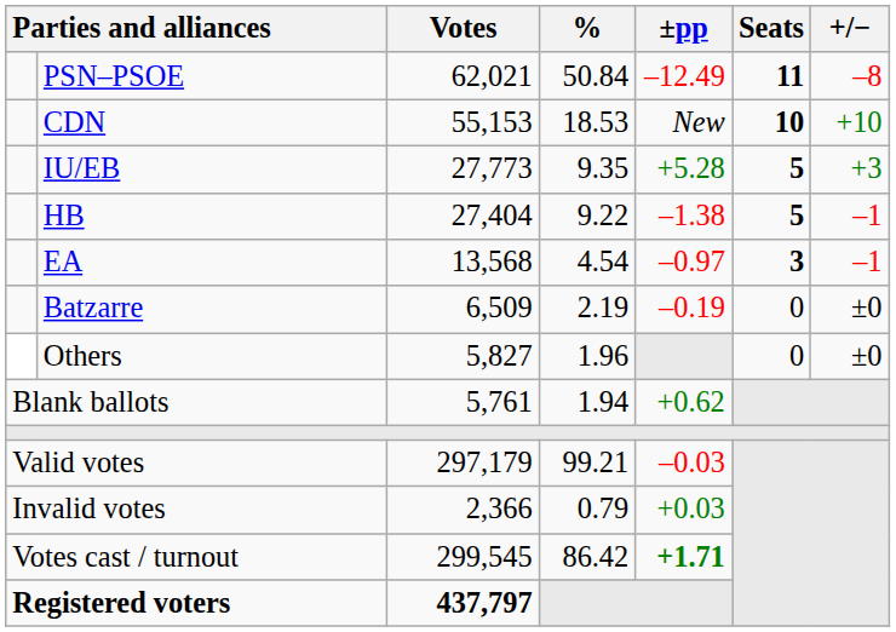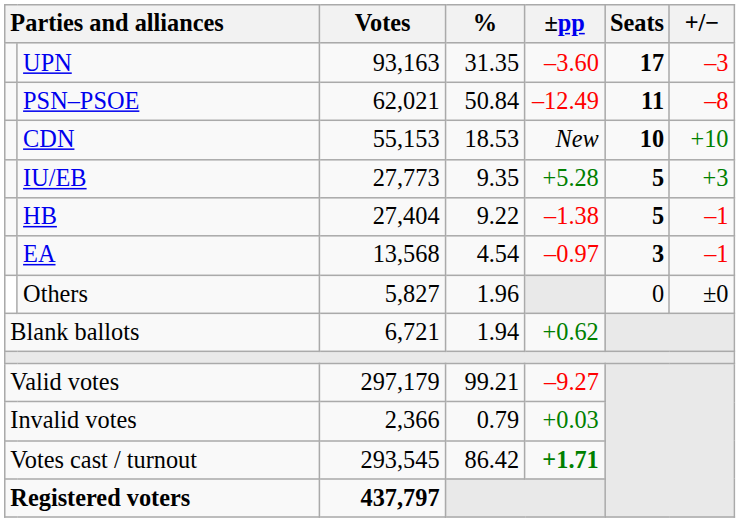 <table class="wikitable" style="text-align:right;">
 <tr>
 <th style="text-align:left;" colspan="2" width="200">Parties and alliances</th>
 <th width="75">Votes</th>
 <th width="45">%</th>
 <th width="45">±<a href='#'>pp</a></th>
 <th width="35">Seats</th>
 <th width="35">+/−</th>
+</tr>
+<tr>
+<td width="1" style="color:inherit;background:"></td>
+<td align="left"><a href='#'>UPN</a></td>
+<td>93,163</td>
+<td>31.35</td>
+<td style="color:red;">–3.60</td>
+<td><strong>17</strong></td>
+<td style="color:red;">–3</td>
 </tr>
 <tr>
 <td style="color:inherit;background:"></td>
 <td align="left"><a href='#'>PSN–PSOE</a></td>
 <td>62,021</td>
 <td>50.84</td>
 <td style="color:red;">–12.49</td>
 <td><strong>11</strong></td>
 <td style="color:red;">–8</td>
 </tr>
 <tr>
 <td style="color:inherit;background:"></td>
 <td align="left"><a href='#'>CDN</a></td>
 <td>55,153</td>
 <td>18.53</td>
 <td><em>New</em></td>
 <td><strong>10</strong></td>
 <td style="color:green;">+10</td>
 </tr>
 <tr>
 <td style="color:inherit;background:"></td>
 <td align="left"><a href='#'>IU/EB</a></td>
 <td>27,773</td>
 <td>9.35</td>
 <td style="color:green;">+5.28</td>
 <td><strong>5</strong></td>
 <td style="color:green;">+3</td>
 </tr>
 <tr>
 <td style="color:inherit;background:"></td>
 <td align="left"><a href='#'>HB</a></td>
 <td>27,404</td>
 <td>9.22</td>
 <td style="color:red;">–1.38</td>
 <td><strong>5</strong></td>
 <td style="color:red;">–1</td>
 </tr>
 <tr>
 <td style="color:inherit;background:"></td>
 <td align="left"><a href='#'>EA</a></td>
 <td>13,568</td>
 <td>4.54</td>
 <td style="color:red;">–0.97</td>
 <td><strong>3</strong></td>
 <td style="color:red;">–1</td>
 </tr>
 <tr>
-<td style="color:inherit;background:"></td>
-<td align="left"><a href='#'>Batzarre</a></td>
-<td>6,509</td>
-<td>2.19</td>
-<td style="color:red;">–0.19</td>
-<td>0</td>
-<td>±0</td>
-</tr>
-<tr>
 <td bgcolor="white"></td>
 <td align="left">Others</td>
 <td>5,827</td>
 <td>1.96</td>
 <td bgcolor="#E9E9E9"></td>
 <td>0</td>
 <td>±0</td>
 </tr>
 <tr>
 <td align="left" colspan="2">Blank ballots</td>
-<td>5,761</td>
+<td>6,721</td>
 <td>1.94</td>
 <td style="color:green;">+0.62</td>
 <td bgcolor="#E9E9E9" colspan="2"></td>
 </tr>
 <tr>
 <td colspan="7" bgcolor="#E9E9E9"></td>
 </tr>
 <tr>
 <td align="left" colspan="2">Valid votes</td>
 <td>297,179</td>
 <td>99.21</td>
-<td style="color:red;">–0.03</td>
+<td style="color:red;">–9.27</td>
 <td bgcolor="#E9E9E9" colspan="2" rowspan="4"></td>
 </tr>
 <tr>
 <td align="left" colspan="2">Invalid votes</td>
 <td>2,366</td>
 <td>0.79</td>
 <td style="color:green;">+0.03</td>
 </tr>
 <tr>
 <td align="left" colspan="2">Votes cast / turnout</td>
-<td>299,545</td>
+<td>293,545</td>
 <td>86.42</td>
 <td style="color:green;"><strong>+1.71</strong></td>
 </tr>
 <tr style="font-weight:bold;">
 <td align="left" colspan="2">Registered voters</td>
 <td>437,797</td>
 <td bgcolor="#E9E9E9" colspan="2"></td>
 </tr>
 </table>
